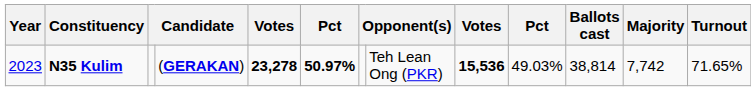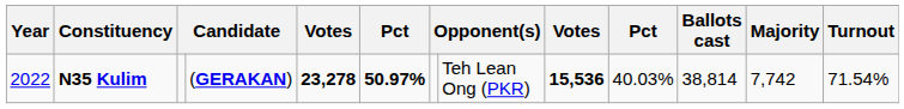 <table class="wikitable" style="margin:0.5em ; font-size:95%">
 <tr>
 <th>Year</th>
 <th>Constituency</th>
 <th colspan=2>Candidate</th>
 <th>Votes</th>
 <th>Pct</th>
 <th colspan=2>Opponent(s)</th>
 <th>Votes</th>
 <th>Pct</th>
 <th>Ballots cast</th>
 <th>Majority</th>
 <th>Turnout</th>
 </tr>
 <tr>
-<td><a href='#'>2023</a></td>
+<td><a href='#'>2022</a></td>
 <td><strong>N35 <a href='#'>Kulim</a></strong></td>
 <td></td>
 <td> (<a href='#'><strong>GERAKAN</strong></a>)</td>
 <td align=right><strong>23,278</strong></td>
 <td><strong>50.97%</strong></td>
 <td></td>
 <td>Teh Lean Ong (<a href='#'>PKR</a>)</td>
 <td align=right><strong>15,536</strong></td>
-<td>49.03%</td>
+<td>40.03%</td>
 <td>38,814</td>
 <td>7,742</td>
-<td>71.65%</td>
+<td>71.54%</td>
 </tr>
 </table>
